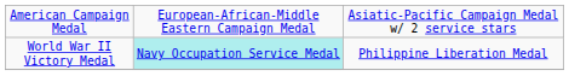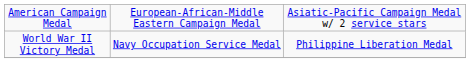 <table class="wikitable" style="margin:1em auto; text-align:center;">
 <tr>
 <td><a href='#'>American Campaign Medal</a></td>
 <td><a href='#'>European-African-Middle Eastern Campaign Medal</a></td>
 <td><a href='#'>Asiatic-Pacific Campaign Medal</a> w/ 2 <a href='#'>service stars</a></td>
 </tr>
 <tr>
 <td><a href='#'>World War II Victory Medal</a></td>
-<td style="background: paleturquoise;"><a href='#'>Navy Occupation Service Medal</a></td>
+<td><a href='#'>Navy Occupation Service Medal</a></td>
 <td><a href='#'>Philippine Liberation Medal</a></td>
 </tr>
 <tr>
 </tr>
 </table>
